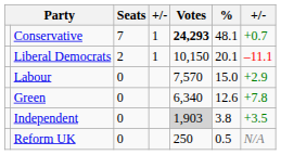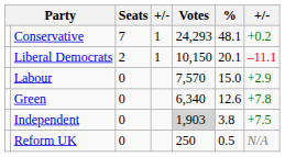 <table class="wikitable">
 <tr>
 <th colspan="2">Party</th>
 <th>Seats</th>
 <th>+/-</th>
 <th>Votes</th>
 <th>%</th>
 <th>+/-</th>
 </tr>
 <tr>
 <td style="background-color: "></td>
 <td><a href='#'>Conservative</a></td>
 <td>7</td>
 <td> 1</td>
-<td><strong>24,293</strong></td>
+<td>24,293</td>
 <td>48.1</td>
-<td style="color:green">+0.7</td>
+<td style="color:green">+0.2</td>
 </tr>
 <tr>
 <td style="background-color: "></td>
 <td><a href='#'>Liberal Democrats</a></td>
 <td>2</td>
 <td> 1</td>
 <td>10,150</td>
 <td>20.1</td>
 <td style="color:red">–11.1</td>
 </tr>
 <tr>
 <td style="background-color: "></td>
 <td><a href='#'>Labour</a></td>
 <td>0</td>
 <td></td>
 <td>7,570</td>
 <td>15.0</td>
 <td style="color:green">+2.9</td>
 </tr>
 <tr>
 <td style="background-color: "></td>
 <td><a href='#'>Green</a></td>
 <td>0</td>
 <td></td>
 <td>6,340</td>
 <td>12.6</td>
 <td style="color:green">+7.8</td>
 </tr>
 <tr>
 <td style="background-color: "></td>
 <td><a href='#'>Independent</a></td>
 <td>0</td>
 <td></td>
 <td style="background: lightgrey;">1,903</td>
 <td>3.8</td>
-<td style="color:green">+3.5</td>
+<td style="color:green">+7.5</td>
 </tr>
 <tr>
 <td style="background-color: "></td>
 <td><a href='#'>Reform UK</a></td>
 <td>0</td>
 <td></td>
 <td>250</td>
 <td>0.5</td>
 <td style="color:grey"><em>N/A</em></td>
 </tr>
 </table>
